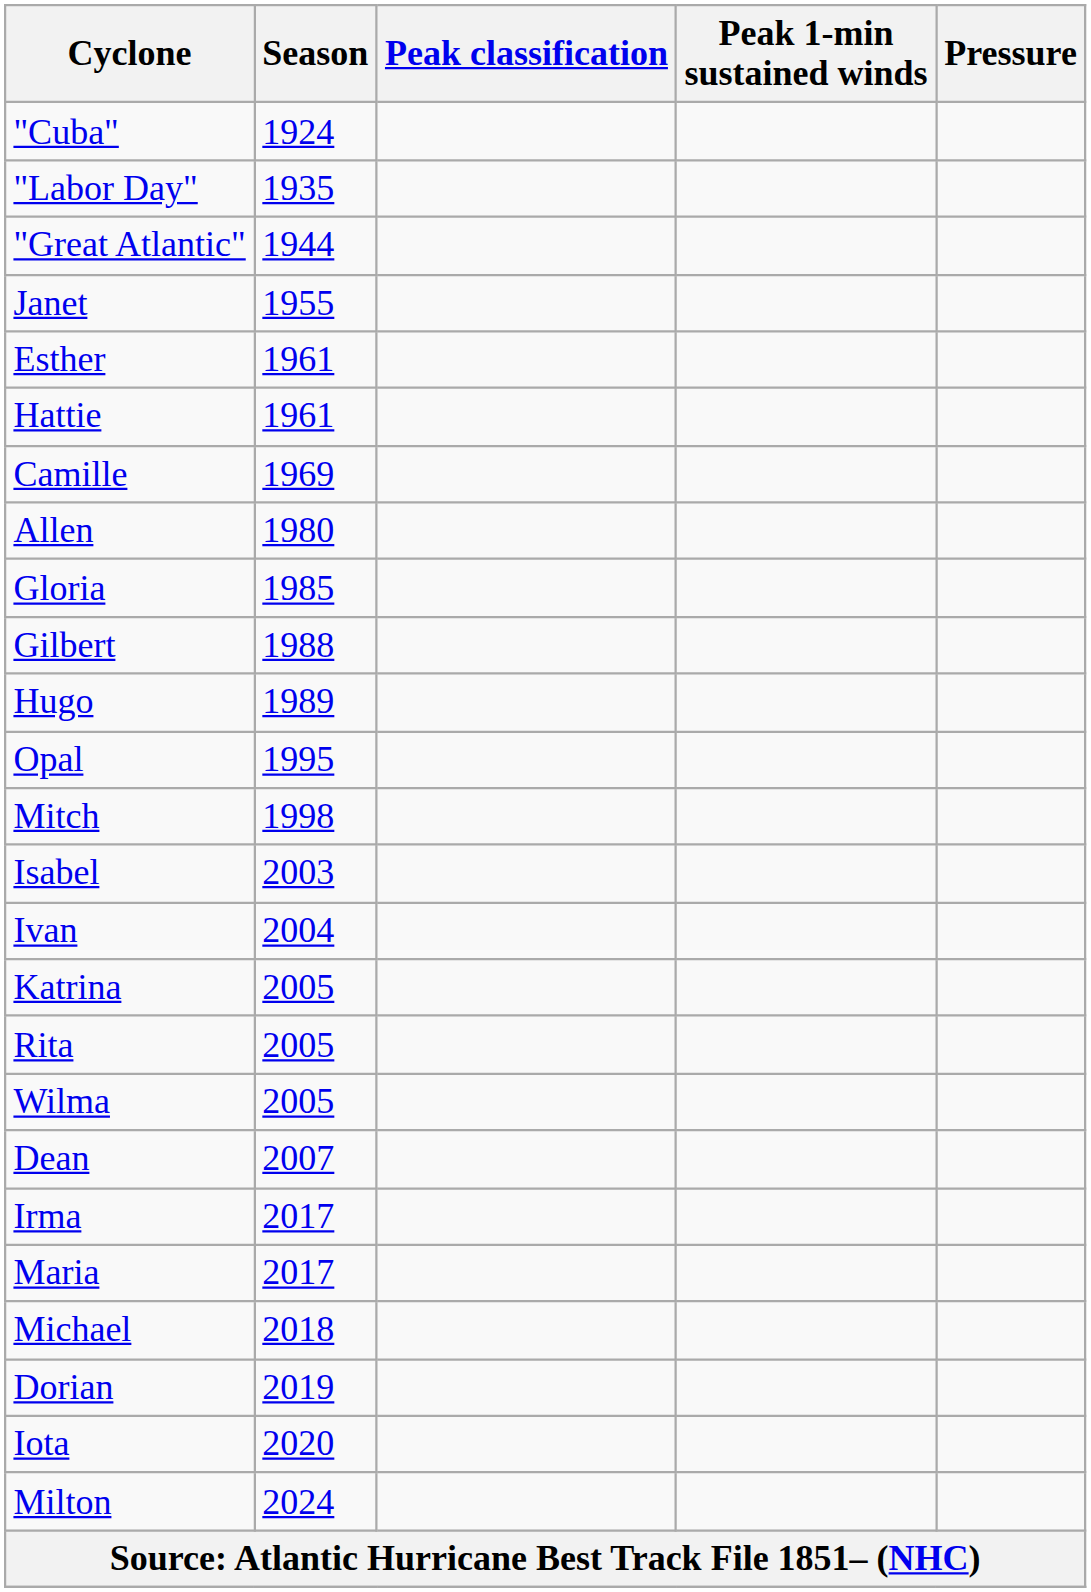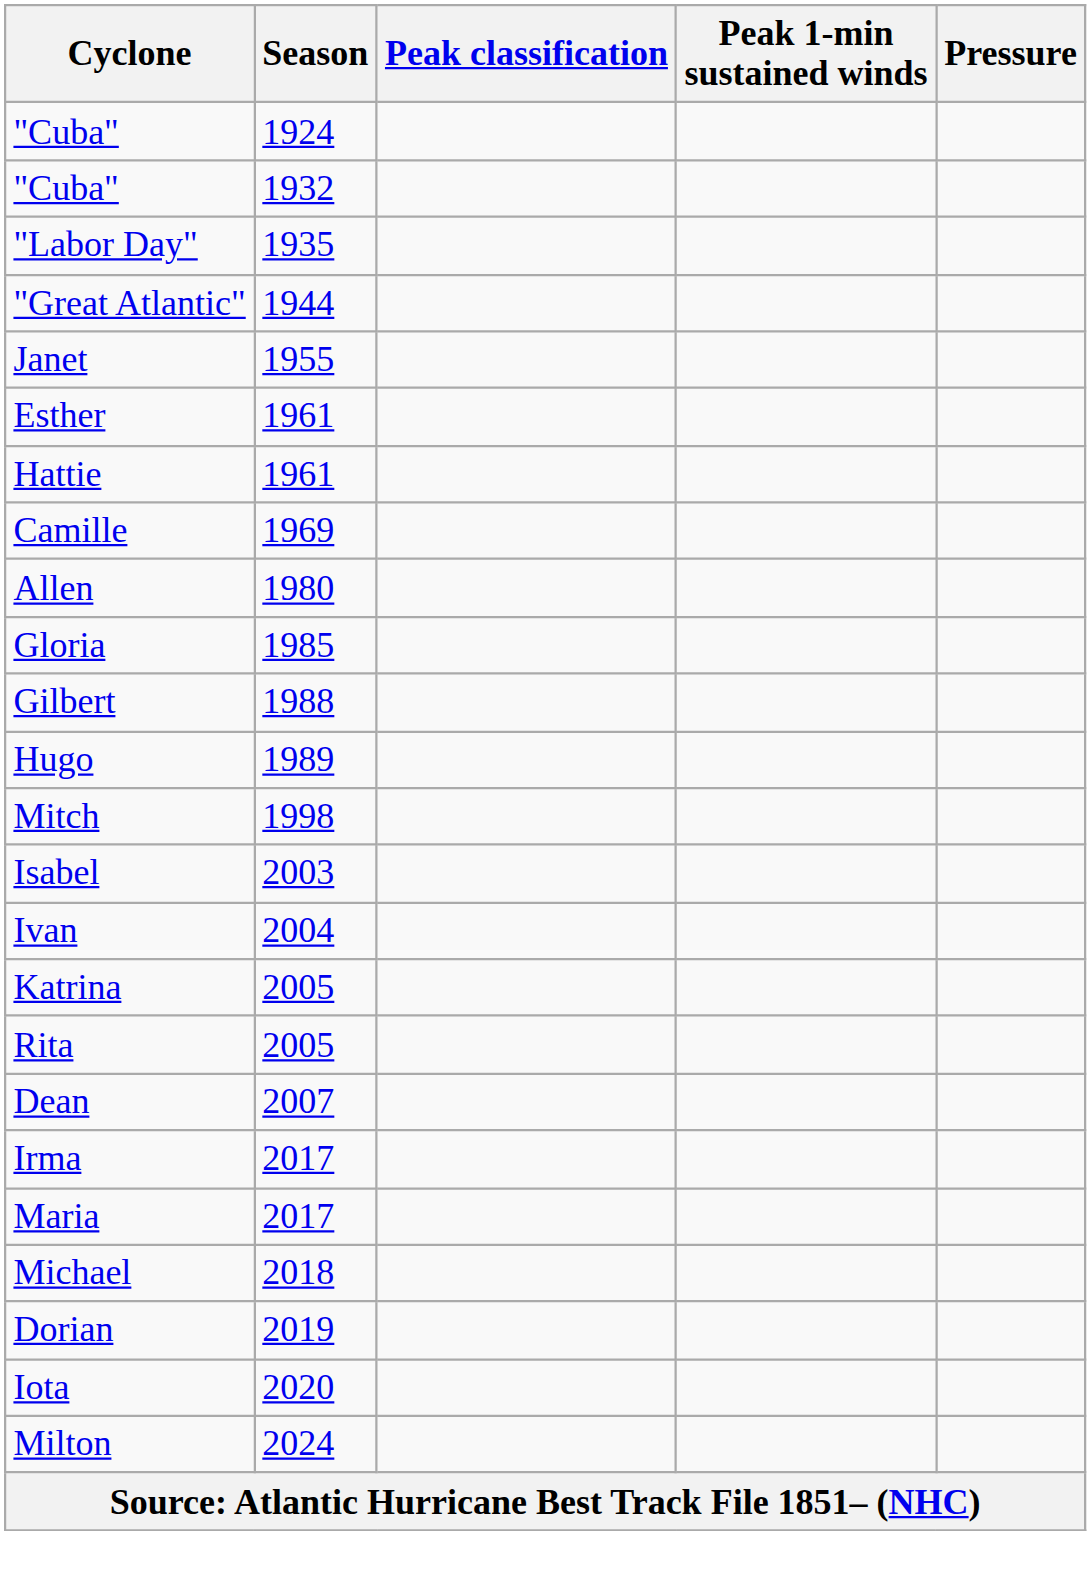 <table class="wikitable sortable">
 <tr>
 <th>Cyclone</th>
 <th>Season</th>
 <th><a href='#'>Peak classification</a></th>
 <th>Peak 1-min<br>sustained winds</th>
 <th>Pressure</th>
 </tr>
 <tr>
 <td><a href='#'>"Cuba"</a></td>
 <td><a href='#'>1924</a></td>
+<td></td>
+<td></td>
+<td></td>
+</tr>
+<tr>
+<td><a href='#'>"Cuba"</a></td>
+<td><a href='#'>1932</a></td>
 <td></td>
 <td></td>
 <td></td>
 </tr>
 <tr>
 <td><a href='#'>"Labor Day"</a></td>
 <td><a href='#'>1935</a></td>
 <td></td>
 <td></td>
 <td></td>
 </tr>
 <tr>
 <td><a href='#'>"Great Atlantic"</a></td>
 <td><a href='#'>1944</a></td>
 <td></td>
 <td></td>
 <td></td>
 </tr>
 <tr>
 <td><a href='#'>Janet</a></td>
 <td><a href='#'>1955</a></td>
 <td></td>
 <td></td>
 <td></td>
 </tr>
 <tr>
 <td><a href='#'>Esther</a></td>
 <td><a href='#'>1961</a></td>
 <td></td>
 <td></td>
 <td></td>
 </tr>
 <tr>
 <td><a href='#'>Hattie</a></td>
 <td><a href='#'>1961</a></td>
 <td></td>
 <td></td>
 <td></td>
 </tr>
 <tr>
 <td><a href='#'>Camille</a></td>
 <td><a href='#'>1969</a></td>
 <td></td>
 <td></td>
 <td></td>
 </tr>
 <tr>
 <td><a href='#'>Allen</a></td>
 <td><a href='#'>1980</a></td>
 <td></td>
 <td></td>
 <td></td>
 </tr>
 <tr>
 <td><a href='#'>Gloria</a></td>
 <td><a href='#'>1985</a></td>
 <td></td>
 <td></td>
 <td></td>
 </tr>
 <tr>
 <td><a href='#'>Gilbert</a></td>
 <td><a href='#'>1988</a></td>
 <td></td>
 <td></td>
 <td></td>
 </tr>
 <tr>
 <td><a href='#'>Hugo</a></td>
 <td><a href='#'>1989</a></td>
 <td></td>
 <td></td>
 <td></td>
 </tr>
 <tr>
-<td><a href='#'>Opal</a></td>
-<td><a href='#'>1995</a></td>
-<td></td>
-<td></td>
-<td></td>
-</tr>
-<tr>
 <td><a href='#'>Mitch</a></td>
 <td><a href='#'>1998</a></td>
 <td></td>
 <td></td>
 <td></td>
 </tr>
 <tr>
 <td><a href='#'>Isabel</a></td>
 <td><a href='#'>2003</a></td>
 <td></td>
 <td></td>
 <td></td>
 </tr>
 <tr>
 <td><a href='#'>Ivan</a></td>
 <td><a href='#'>2004</a></td>
 <td></td>
 <td></td>
 <td></td>
 </tr>
 <tr>
 <td><a href='#'>Katrina</a></td>
 <td><a href='#'>2005</a></td>
 <td></td>
 <td></td>
 <td></td>
 </tr>
 <tr>
 <td><a href='#'>Rita</a></td>
-<td><a href='#'>2005</a></td>
-<td></td>
-<td></td>
-<td></td>
-</tr>
-<tr>
-<td><a href='#'>Wilma</a></td>
 <td><a href='#'>2005</a></td>
 <td></td>
 <td></td>
 <td></td>
 </tr>
 <tr>
 <td><a href='#'>Dean</a></td>
 <td><a href='#'>2007</a></td>
 <td></td>
 <td></td>
 <td></td>
 </tr>
 <tr>
 <td><a href='#'>Irma</a></td>
 <td><a href='#'>2017</a></td>
 <td></td>
 <td></td>
 <td></td>
 </tr>
 <tr>
 <td><a href='#'>Maria</a></td>
 <td><a href='#'>2017</a></td>
 <td></td>
 <td></td>
 <td></td>
 </tr>
 <tr>
 <td><a href='#'>Michael</a></td>
 <td><a href='#'>2018</a></td>
 <td></td>
 <td></td>
 <td></td>
 </tr>
 <tr>
 <td><a href='#'>Dorian</a></td>
 <td><a href='#'>2019</a></td>
 <td></td>
 <td></td>
 <td></td>
 </tr>
 <tr>
 <td><a href='#'>Iota</a></td>
 <td><a href='#'>2020</a></td>
 <td></td>
 <td></td>
 <td></td>
 </tr>
 <tr>
 <td><a href='#'>Milton</a></td>
 <td><a href='#'>2024</a></td>
 <td></td>
 <td></td>
 <td></td>
 </tr>
 <tr class="small">
 <th colspan="5">Source: Atlantic Hurricane Best Track File 1851– (<a href='#'>NHC</a>) </th>
 </tr>
 <tr>
 </tr>
 </table>
